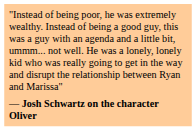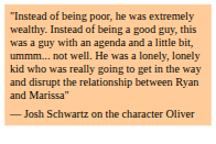 <table class="toccolours" style="float: right; margin-left: 1em; margin-right: 2em; font-size: 85%; background:#FFCC99; color:black; width:35em; max-width: 40%;" cellspacing="5">
 <tr>
 <td style="text-align: left;">"Instead of being poor, he was extremely wealthy. Instead of being a good guy, this was a guy with an agenda and a little bit, ummm... not well. He was a lonely, lonely kid who was really going to get in the way and disrupt the relationship between Ryan and Marissa"</td>
 </tr>
 <tr>
-<td style="text-align: left;"><strong>— Josh Schwartz on the character Oliver</strong></td>
+<td style="text-align: left;">— Josh Schwartz on the character Oliver</td>
 </tr>
 </table>
